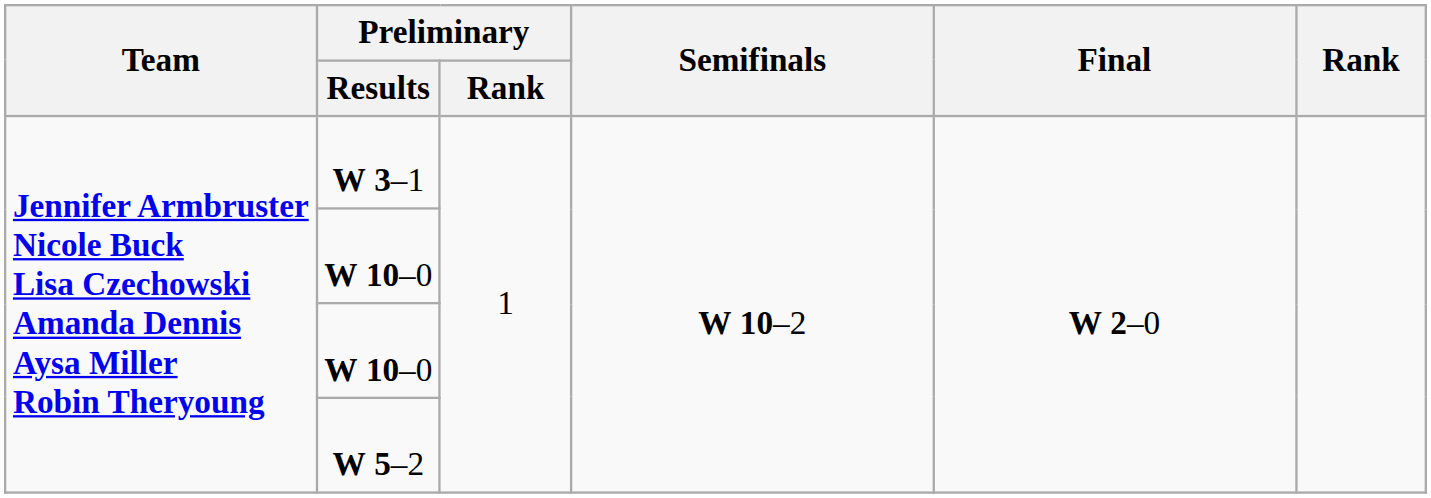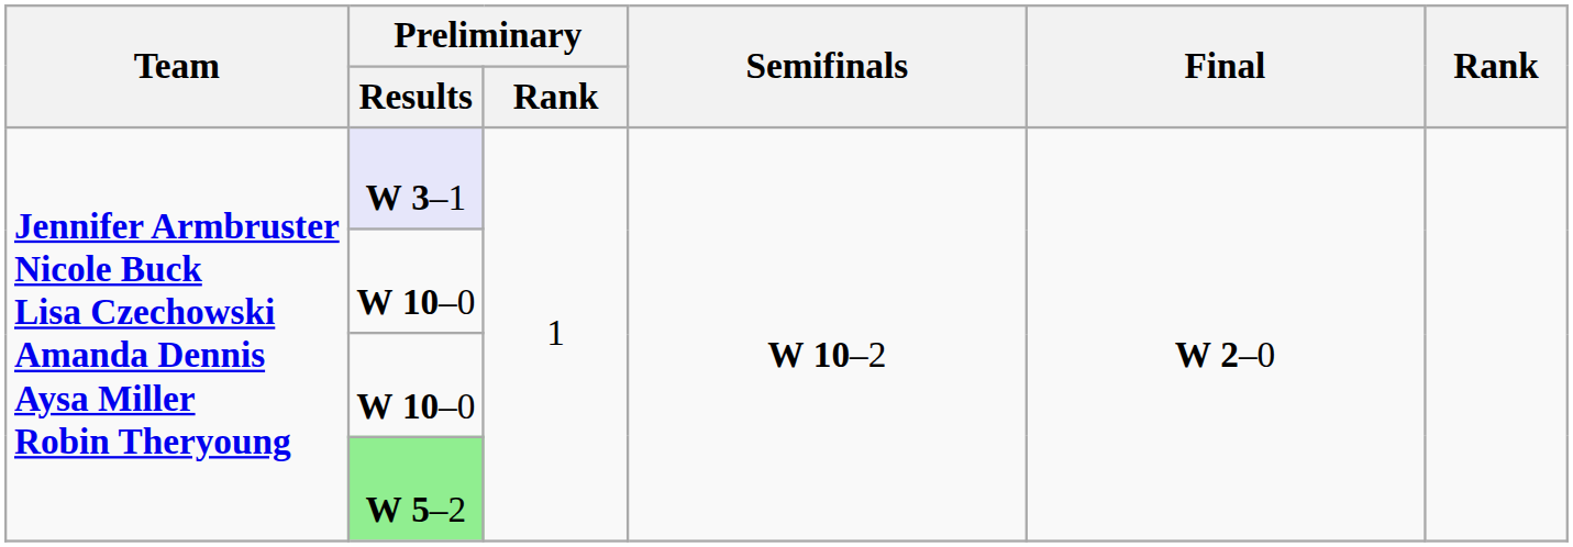 <table class="wikitable" style="text-align:left; font-size:90%">
 <tr>
 <th rowspan=2>Team</th>
 <th colspan=2>Preliminary</th>
 <th rowspan=2 width=150>Semifinals</th>
 <th rowspan=2 width=150>Final</th>
 <th rowspan=2 width=50>Rank</th>
 </tr>
 <tr>
 <th>Results</th>
 <th width=50>Rank</th>
 </tr>
 <tr>
 <td rowspan=4><strong><a href='#'>Jennifer Armbruster</a><br><a href='#'>Nicole Buck</a><br><a href='#'>Lisa Czechowski</a><br><a href='#'>Amanda Dennis</a><br><a href='#'>Aysa Miller</a><br><a href='#'>Robin Theryoung</a></strong></td>
-<td align=center><br><strong>W</strong> <strong>3</strong>–1</td>
+<td align=center style="background: lavender;"><br><strong>W</strong> <strong>3</strong>–1</td>
 <td rowspan=4 align=center>1</td>
 <td rowspan=4 align=center><br> <strong>W</strong> <strong>10</strong>–2</td>
 <td rowspan=4 align=center> <br> <strong>W</strong> <strong>2</strong>–0</td>
 <td rowspan=4 align=center></td>
 </tr>
 <tr>
 <td align=center><br><strong>W</strong> <strong>10</strong>–0</td>
 </tr>
 <tr>
 <td align=center><br><strong>W</strong> <strong>10</strong>–0</td>
 </tr>
 <tr>
-<td align=center><br><strong>W</strong> <strong>5</strong>–2</td>
+<td align=center style="background: lightgreen;"><br><strong>W</strong> <strong>5</strong>–2</td>
 </tr>
 </table>
